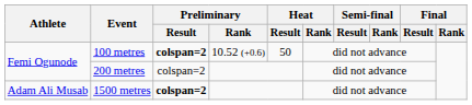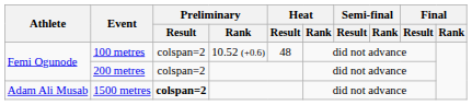 <table class=wikitable style=font-size:90%>
 <tr>
 <th rowspan=2>Athlete</th>
 <th rowspan=2>Event</th>
 <th colspan=2>Preliminary</th>
 <th colspan=2>Heat</th>
 <th colspan=2>Semi-final</th>
 <th colspan=2>Final</th>
 </tr>
 <tr style=font-size:95%>
 <th>Result</th>
 <th>Rank</th>
 <th>Result</th>
 <th>Rank</th>
 <th>Result</th>
 <th>Rank</th>
 <th>Result</th>
 <th>Rank</th>
 </tr>
 <tr align=center>
 <td align=left rowspan=2><a href='#'>Femi Ogunode</a></td>
 <td align=left><a href='#'>100 metres</a></td>
-<td><strong>colspan=2</strong></td>
+<td>colspan=2</td>
 <td>10.52 <small>(+0.6)</small></td>
-<td>50</td>
+<td>48</td>
 <td colspan=4>did not advance</td>
 </tr>
 <tr align=center>
 <td align=left><a href='#'>200 metres</a></td>
 <td>colspan=2</td>
 <td colspan=2></td>
 <td colspan=4>did not advance</td>
 </tr>
 <tr align=center>
 <td align=left><a href='#'>Adam Ali Musab</a></td>
 <td align=left><a href='#'>1500 metres</a></td>
 <td><strong>colspan=2</strong></td>
 <td colspan=2></td>
 <td colspan=4>did not advance</td>
 </tr>
 </table>
